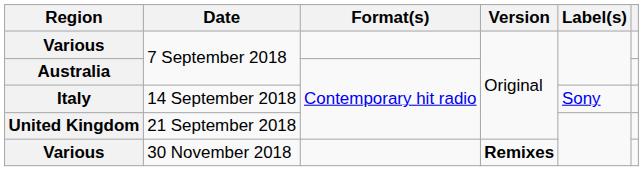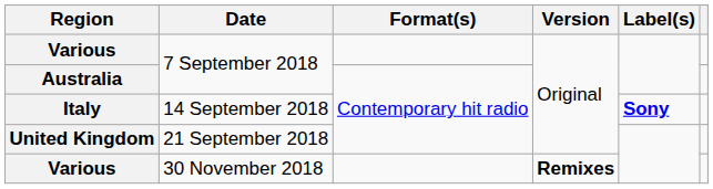 <table class="wikitable plainrowheaders">
 <tr>
 <th scope="col">Region</th>
 <th scope="col">Date</th>
 <th scope="col">Format(s)</th>
 <th scope="col">Version</th>
 <th scope="col">Label(s)</th>
 <th scope="col"></th>
 </tr>
 <tr>
 <th scope="row">Various</th>
 <td rowspan=2>7 September 2018</td>
 <td></td>
 <td rowspan=4>Original</td>
 <td rowspan=2></td>
 <td style="text-align:center;"></td>
 </tr>
 <tr>
 <th scope="row">Australia</th>
 <td rowspan=3><a href='#'>Contemporary hit radio</a></td>
 <td style="text-align:center;"></td>
 </tr>
 <tr>
 <th scope="row">Italy</th>
 <td>14 September 2018</td>
-<td><a href='#'>Sony</a></td>
+<td><strong><a href='#'>Sony</a></strong></td>
 <td style="text-align:center;"></td>
 </tr>
 <tr>
 <th scope="row">United Kingdom</th>
 <td>21 September 2018</td>
 <td rowspan=2></td>
 <td style="text-align:center;"></td>
 </tr>
 <tr>
 <th scope="row">Various</th>
 <td>30 November 2018</td>
 <td></td>
 <td><strong>Remixes</strong></td>
 <td style="text-align:center;"></td>
 </tr>
 </table>
